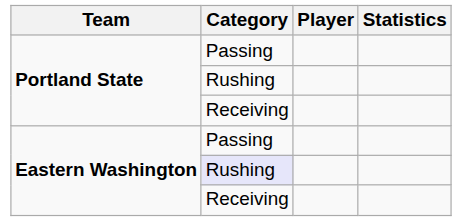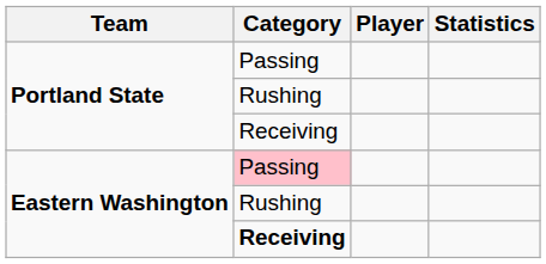 <table class="wikitable" style="float: right;">
 <tr>
 <th>Team</th>
 <th>Category</th>
 <th>Player</th>
 <th>Statistics</th>
 </tr>
 <tr>
 <td rowspan=3><strong>Portland State</strong></td>
 <td>Passing</td>
 <td></td>
 <td></td>
 </tr>
 <tr>
 <td>Rushing</td>
 <td></td>
 <td></td>
 </tr>
 <tr>
 <td>Receiving</td>
 <td></td>
 <td></td>
 </tr>
 <tr>
 <td rowspan=3><strong>Eastern Washington</strong></td>
-<td>Passing</td>
+<td style="background: pink;">Passing</td>
 <td></td>
 <td></td>
 </tr>
 <tr>
-<td style="background: lavender;">Rushing</td>
+<td>Rushing</td>
 <td></td>
 <td></td>
 </tr>
 <tr>
-<td>Receiving</td>
+<td><strong>Receiving</strong></td>
 <td></td>
 <td></td>
 </tr>
 </table>
